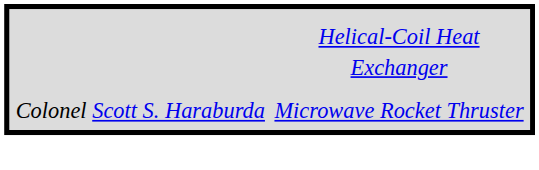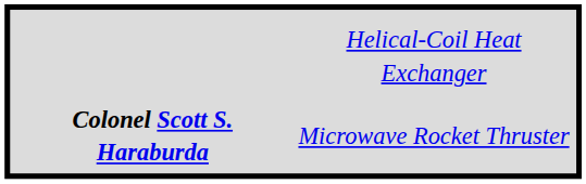 <table style="border-spacing: 2px; border: 3px solid black; background: #DCDCDC;" align=right>
 <tr>
 <td rowspan=3></td>
 <td></td>
 </tr>
 <tr>
 <td style="text-align: center; width: 150px"><small> <em><a href='#'>Helical-Coil Heat Exchanger</a></em></small></td>
 </tr>
 <tr>
 <td></td>
 </tr>
 <tr>
-<td style="text-align: center; width: 150px"><small><em>Colonel <a href='#'>Scott S. Haraburda</a></em></small></td>
+<td style="text-align: center; width: 150px"><strong><small><em>Colonel <a href='#'>Scott S. Haraburda</a></em></small></strong></td>
 <td style="text-align: center; width: 150px"><small><em><a href='#'>Microwave Rocket Thruster</a></em></small></td>
 </tr>
 </table>
